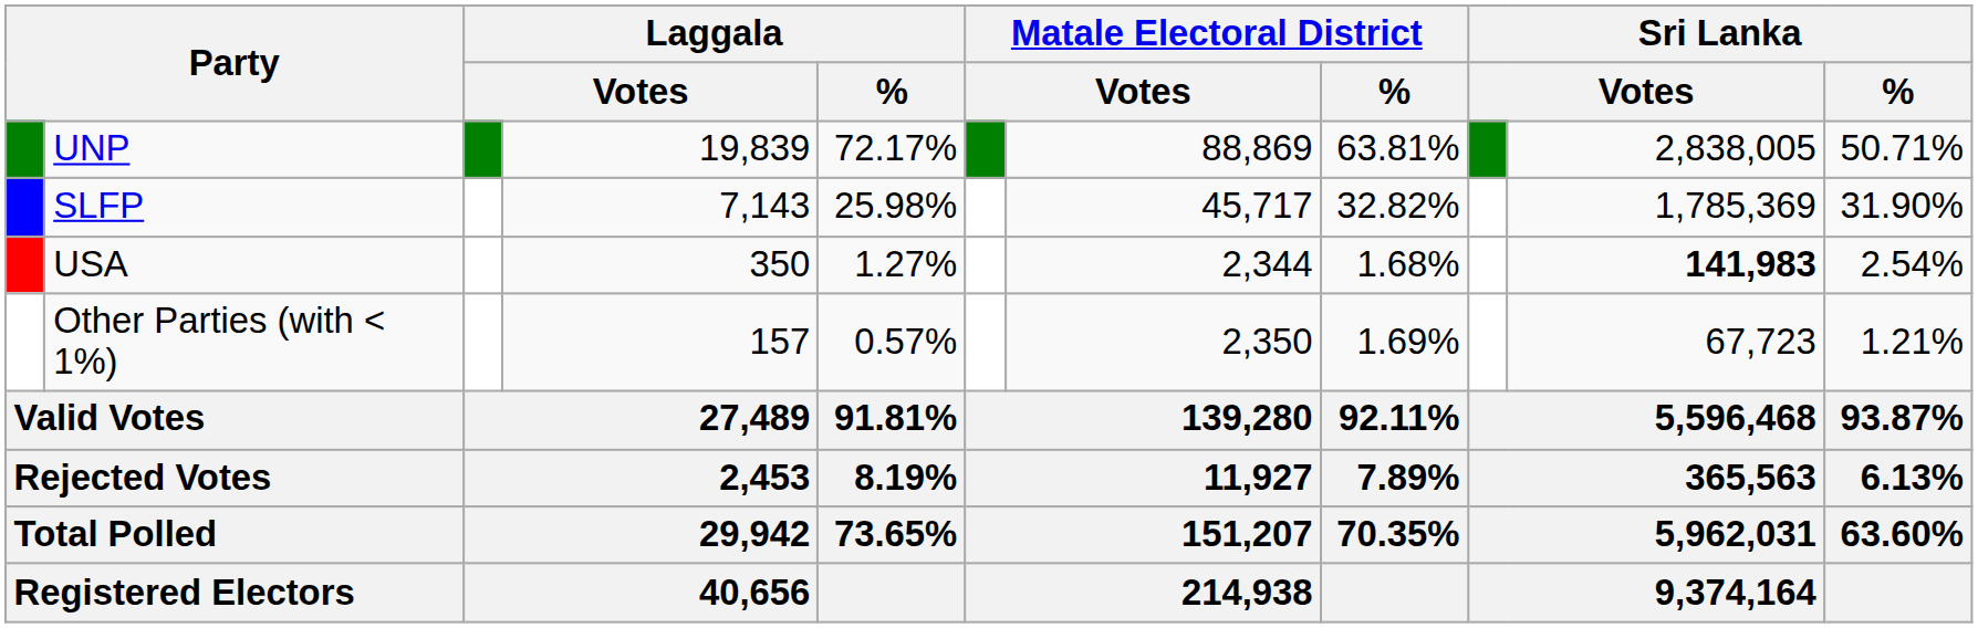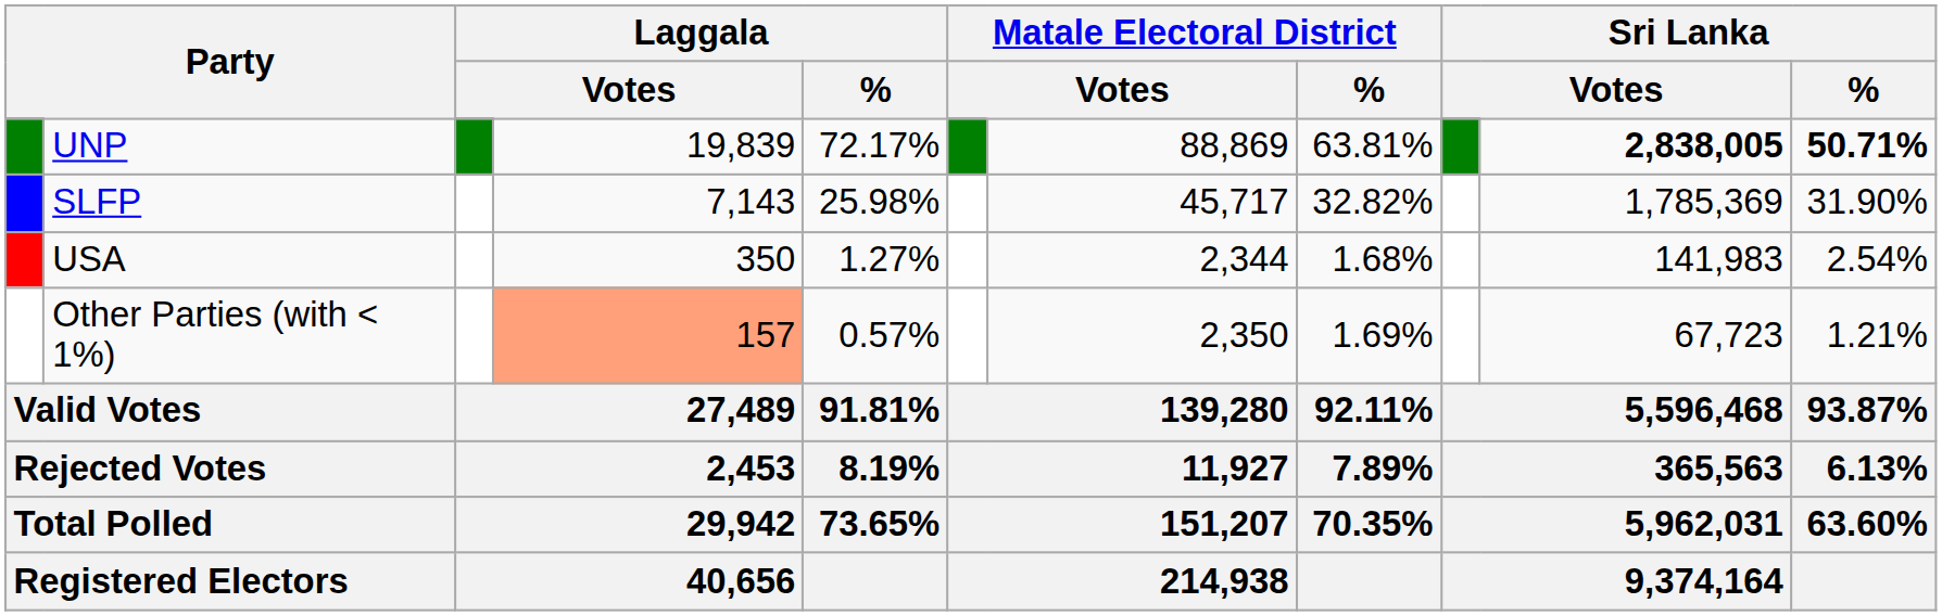 <table class="wikitable">
 <tr>
 <th colspan="2" width="144px"rowspan="2">Party</th>
 <th colspan="3" width="216px">Laggala</th>
 <th colspan="3" width="216px"><a href='#'>Matale Electoral District</a></th>
 <th colspan="3" width="216px">Sri Lanka</th>
 </tr>
 <tr>
 <th colspan="2" width="144px">Votes</th>
 <th>%</th>
 <th colspan="2" width="144px">Votes</th>
 <th>%</th>
 <th colspan="2" width="144px">Votes</th>
 <th>%</th>
 </tr>
 <tr>
 <td style="background-color:green;" width="10px"></td>
 <td style="text-align:left;"><a href='#'>UNP</a></td>
 <td style="background-color:green;" width="10px"></td>
 <td style="text-align:right;">19,839</td>
 <td style="text-align:right;">72.17%</td>
 <td style="background-color:green;" width="10px"></td>
 <td style="text-align:right;">88,869</td>
 <td style="text-align:right;">63.81%</td>
 <td style="background-color:green;" width="10px"></td>
-<td style="text-align:right;">2,838,005</td>
-<td style="text-align:right;">50.71%</td>
+<td style="text-align:right;"><strong>2,838,005</strong></td>
+<td style="text-align:right;"><strong>50.71%</strong></td>
 </tr>
 <tr>
 <td style="background-color:blue;" width="10px"></td>
 <td style="text-align:left;"><a href='#'>SLFP</a></td>
 <td style="background-color:white;" width="10px"></td>
 <td style="text-align:right;">7,143</td>
 <td style="text-align:right;">25.98%</td>
 <td style="background-color:white;" width="10px"></td>
 <td style="text-align:right;">45,717</td>
 <td style="text-align:right;">32.82%</td>
 <td style="background-color:white;" width="10px"></td>
 <td style="text-align:right;">1,785,369</td>
 <td style="text-align:right;">31.90%</td>
 </tr>
 <tr>
 <td style="background-color:red;" width="10px"></td>
 <td style="text-align:left;">USA</td>
 <td style="background-color:white;" width="10px"></td>
 <td style="text-align:right;">350</td>
 <td style="text-align:right;">1.27%</td>
 <td style="background-color:white;" width="10px"></td>
 <td style="text-align:right;">2,344</td>
 <td style="text-align:right;">1.68%</td>
 <td style="background-color:white;" width="10px"></td>
-<td style="text-align:right;"><strong>141,983</strong></td>
+<td style="text-align:right;">141,983</td>
 <td style="text-align:right;">2.54%</td>
 </tr>
 <tr>
 <td style="background-color:white;" width="10px"></td>
 <td style="text-align:left;">Other Parties (with < 1%)</td>
 <td style="background-color:white;" width="10px"></td>
-<td style="text-align:right;">157</td>
+<td style="background: lightsalmon; text-align:right;">157</td>
 <td style="text-align:right;">0.57%</td>
 <td style="background-color:white;" width="10px"></td>
 <td style="text-align:right;">2,350</td>
 <td style="text-align:right;">1.69%</td>
 <td style="background-color:white;" width="10px"></td>
 <td style="text-align:right;">67,723</td>
 <td style="text-align:right;">1.21%</td>
 </tr>
 <tr>
 <th colspan="2" width="144px"style="text-align:left;">Valid Votes</th>
 <th style="text-align:right;"colspan="2" width="144px">27,489</th>
 <th style="text-align:right;">91.81%</th>
 <th style="text-align:right;"colspan="2" width="144px">139,280</th>
 <th style="text-align:right;">92.11%</th>
 <th style="text-align:right;"colspan="2" width="144px">5,596,468</th>
 <th style="text-align:right;">93.87%</th>
 </tr>
 <tr>
 <th colspan="2" width="144px"style="text-align:left;">Rejected Votes</th>
 <th style="text-align:right;"colspan="2" width="144px">2,453</th>
 <th style="text-align:right;">8.19%</th>
 <th style="text-align:right;"colspan="2" width="144px">11,927</th>
 <th style="text-align:right;">7.89%</th>
 <th style="text-align:right;"colspan="2" width="144px">365,563</th>
 <th style="text-align:right;">6.13%</th>
 </tr>
 <tr>
 <th colspan="2" width="144px"style="text-align:left;">Total Polled</th>
 <th style="text-align:right;"colspan="2" width="144px">29,942</th>
 <th style="text-align:right;">73.65%</th>
 <th style="text-align:right;"colspan="2" width="144px">151,207</th>
 <th style="text-align:right;">70.35%</th>
 <th style="text-align:right;"colspan="2" width="144px">5,962,031</th>
 <th style="text-align:right;">63.60%</th>
 </tr>
 <tr>
 <th colspan="2" width="144px"style="text-align:left;">Registered Electors</th>
 <th style="text-align:right;"colspan="2" width="144px">40,656</th>
 <th></th>
 <th style="text-align:right;"colspan="2" width="144px">214,938</th>
 <th></th>
 <th style="text-align:right;"colspan="2" width="144px">9,374,164</th>
 <th></th>
 </tr>
 </table>
